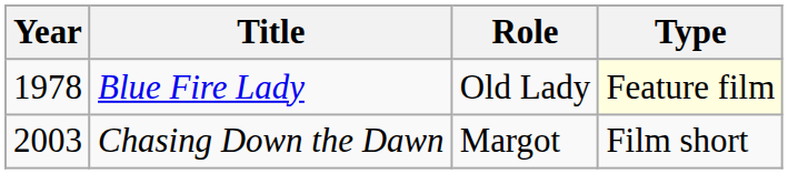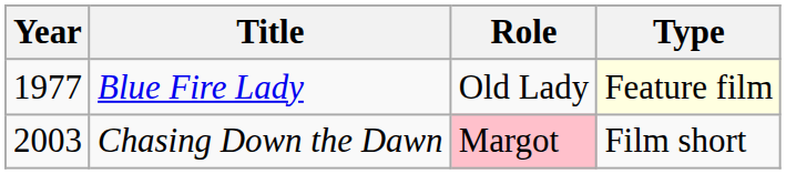 <table class="wikitable">
 <tr>
 <th>Year</th>
 <th>Title</th>
 <th>Role</th>
 <th>Type</th>
 </tr>
 <tr>
-<td>1978</td>
+<td>1977</td>
 <td><em><a href='#'>Blue Fire Lady</a></em></td>
 <td>Old Lady</td>
 <td style="background: lightyellow;">Feature film</td>
 </tr>
 <tr>
 <td>2003</td>
 <td><em>Chasing Down the Dawn</em></td>
-<td>Margot</td>
+<td style="background: pink;">Margot</td>
 <td>Film short</td>
 </tr>
 </table>
